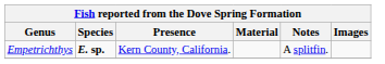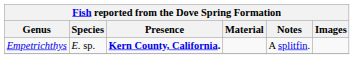 <table class="wikitable" align="center">
 <tr>
 <th colspan="6" align="center"><strong><a href='#'>Fish</a> reported from the Dove Spring Formation</strong></th>
 </tr>
 <tr>
 <th>Genus</th>
 <th>Species</th>
 <th>Presence</th>
 <th><strong>Material</strong></th>
 <th>Notes</th>
 <th>Images</th>
 </tr>
 <tr>
 <td><em><a href='#'>Empetrichthys</a></em></td>
-<td><strong><em>E.</em> sp.</strong></td>
-<td><a href='#'>Kern County, California</a>.</td>
+<td><em>E.</em> sp.</td>
+<td><strong><a href='#'>Kern County, California</a>.</strong></td>
 <td></td>
 <td>A <a href='#'>splitfin</a>.</td>
 <td></td>
 </tr>
 <tr>
 </tr>
 </table>
